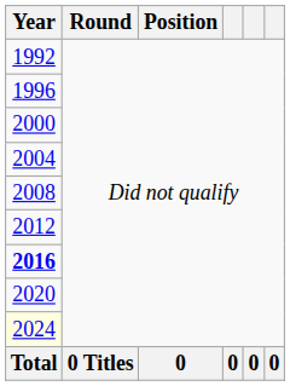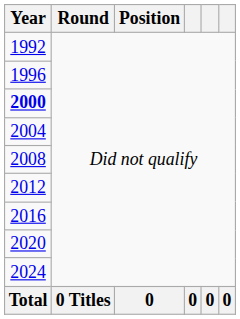 <table class="wikitable" style="text-align: center;">
 <tr>
 <th>Year</th>
 <th>Round</th>
 <th>Position</th>
 <th></th>
 <th></th>
 <th></th>
 </tr>
 <tr>
 <td> <a href='#'>1992</a></td>
 <td colspan="5" rowspan="9"><em>Did not qualify</em></td>
 </tr>
 <tr>
 <td> <a href='#'>1996</a></td>
 </tr>
 <tr>
-<td> <a href='#'>2000</a></td>
+<td><strong> <a href='#'>2000</a></strong></td>
 </tr>
 <tr>
 <td> <a href='#'>2004</a></td>
 </tr>
 <tr>
 <td> <a href='#'>2008</a></td>
 </tr>
 <tr>
 <td> <a href='#'>2012</a></td>
 </tr>
 <tr>
-<td><strong> <a href='#'>2016</a></strong></td>
+<td> <a href='#'>2016</a></td>
 </tr>
 <tr>
 <td> <a href='#'>2020</a></td>
 </tr>
 <tr>
-<td style="background: lightyellow;"> <a href='#'>2024</a></td>
+<td> <a href='#'>2024</a></td>
 </tr>
 <tr>
 <th>Total</th>
 <th>0 Titles</th>
 <th>0</th>
 <th>0</th>
 <th>0</th>
 <th>0</th>
 </tr>
 </table>
